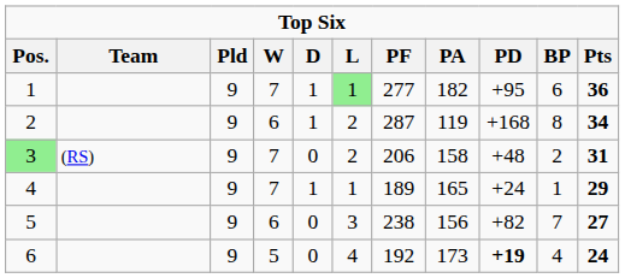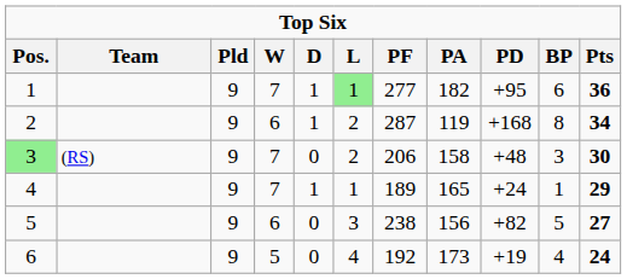 <table class="wikitable sortable" style="float:left; margin-right:15px; text-align: center;" width=75%>
 <tr>
 <td colspan=15><div><strong>Top Six</strong></div></td>
 </tr>
 <tr>
 <th width="20">Pos.</th>
 <th width="100">Team</th>
 <th width="20">Pld</th>
 <th width="20">W</th>
 <th width="20">D</th>
 <th width="20">L</th>
 <th width="30">PF</th>
 <th width="30">PA</th>
 <th width="30">PD</th>
 <th width="20">BP</th>
 <th width="20">Pts</th>
 </tr>
 <tr>
 <td>1</td>
 <td align=left></td>
 <td>9</td>
 <td>7</td>
 <td>1</td>
 <td style="background: lightgreen;">1</td>
 <td>277</td>
 <td>182</td>
 <td>+95</td>
 <td>6</td>
 <td><strong>36</strong></td>
 </tr>
 <tr>
 <td>2</td>
 <td align=left></td>
 <td>9</td>
 <td>6</td>
 <td>1</td>
 <td>2</td>
 <td>287</td>
 <td>119</td>
 <td>+168</td>
 <td>8</td>
 <td><strong>34</strong></td>
 </tr>
 <tr>
 <td style="background: lightgreen;">3</td>
 <td align=left> <small>(<a href='#'>RS</a>)</small></td>
 <td>9</td>
 <td>7</td>
 <td>0</td>
 <td>2</td>
 <td>206</td>
 <td>158</td>
 <td>+48</td>
-<td>2</td>
-<td><strong>31</strong></td>
+<td>3</td>
+<td><strong>30</strong></td>
 </tr>
 <tr>
 <td>4</td>
 <td align=left></td>
 <td>9</td>
 <td>7</td>
 <td>1</td>
 <td>1</td>
 <td>189</td>
 <td>165</td>
 <td>+24</td>
 <td>1</td>
 <td><strong>29</strong></td>
 </tr>
 <tr>
 <td>5</td>
 <td align=left></td>
 <td>9</td>
 <td>6</td>
 <td>0</td>
 <td>3</td>
 <td>238</td>
 <td>156</td>
 <td>+82</td>
-<td>7</td>
+<td>5</td>
 <td><strong>27</strong></td>
 </tr>
 <tr>
 <td>6</td>
 <td align=left></td>
 <td>9</td>
 <td>5</td>
 <td>0</td>
 <td>4</td>
 <td>192</td>
 <td>173</td>
-<td><strong>+19</strong></td>
+<td>+19</td>
 <td>4</td>
 <td><strong>24</strong></td>
 </tr>
 </table>
